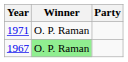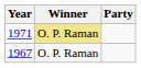 <table class="wikitable sortable">
 <tr>
 <th>Year</th>
 <th>Winner</th>
 <th colspan="2">Party</th>
 </tr>
 <tr>
 <td><a href='#'>1971</a></td>
-<td>O. P. Raman</td>
+<td style="background: khaki;">O. P. Raman</td>
 <td></td>
 </tr>
 <tr>
 <td><a href='#'>1967</a></td>
-<td style="background: lightgreen;">O. P. Raman</td>
+<td>O. P. Raman</td>
 <td></td>
 </tr>
 </table>
